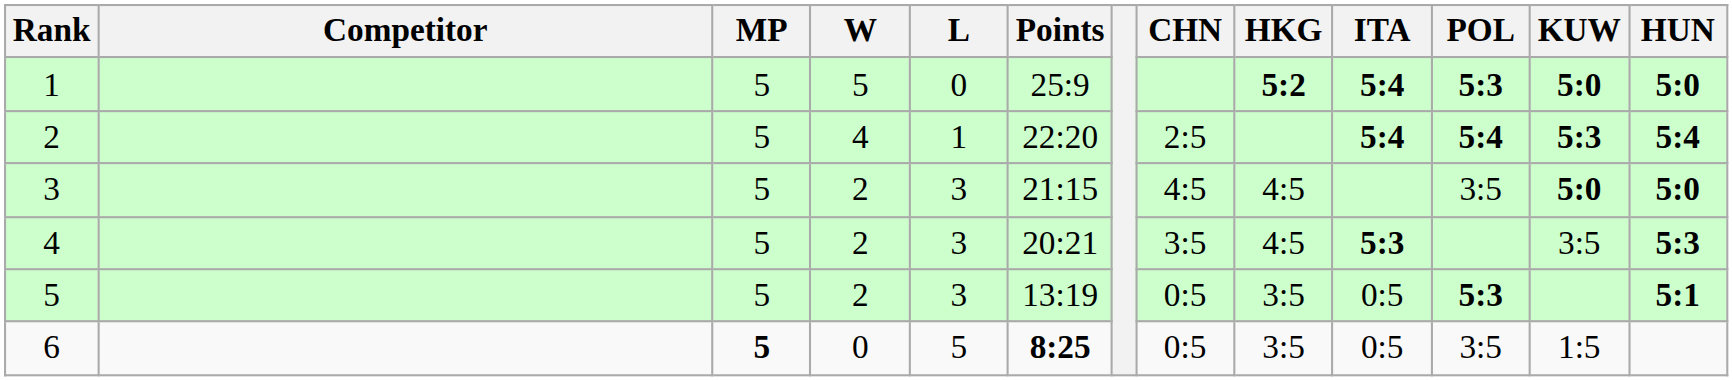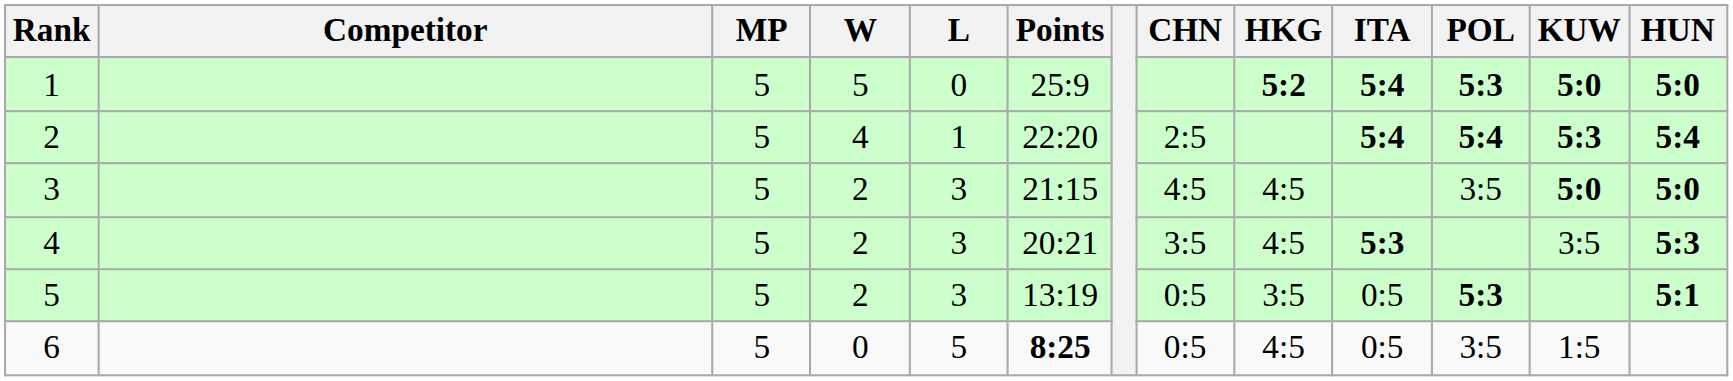 <table class="wikitable" style="text-align:center">
 <tr>
 <th>Rank</th>
 <th style="width:18em">Competitor</th>
 <th style="width:2.5em">MP</th>
 <th style="width:2.5em">W</th>
 <th style="width:2.5em">L</th>
 <th>Points</th>
 <th rowspan="7"> </th>
 <th style="width:2.5em">CHN</th>
 <th style="width:2.5em">HKG</th>
 <th style="width:2.5em">ITA</th>
 <th style="width:2.5em">POL</th>
 <th style="width:2.5em">KUW</th>
 <th style="width:2.5em">HUN</th>
 </tr>
 <tr style="background:#cfc;">
 <td>1</td>
 <td style="text-align:left"></td>
 <td>5</td>
 <td>5</td>
 <td>0</td>
 <td>25:9</td>
 <td></td>
 <td><strong>5:2</strong></td>
 <td><strong>5:4</strong></td>
 <td><strong>5:3</strong></td>
 <td><strong>5:0</strong></td>
 <td><strong>5:0</strong></td>
 </tr>
 <tr style="background:#cfc;">
 <td>2</td>
 <td style="text-align:left"></td>
 <td>5</td>
 <td>4</td>
 <td>1</td>
 <td>22:20</td>
 <td>2:5</td>
 <td></td>
 <td><strong>5:4</strong></td>
 <td><strong>5:4</strong></td>
 <td><strong>5:3</strong></td>
 <td><strong>5:4</strong></td>
 </tr>
 <tr style="background:#cfc;">
 <td>3</td>
 <td style="text-align:left"></td>
 <td>5</td>
 <td>2</td>
 <td>3</td>
 <td>21:15</td>
 <td>4:5</td>
 <td>4:5</td>
 <td></td>
 <td>3:5</td>
 <td><strong>5:0</strong></td>
 <td><strong>5:0</strong></td>
 </tr>
 <tr style="background:#cfc;">
 <td>4</td>
 <td style="text-align:left"></td>
 <td>5</td>
 <td>2</td>
 <td>3</td>
 <td>20:21</td>
 <td>3:5</td>
 <td>4:5</td>
 <td><strong>5:3</strong></td>
 <td></td>
 <td>3:5</td>
 <td><strong>5:3</strong></td>
 </tr>
 <tr style="background:#cfc;">
 <td>5</td>
 <td style="text-align:left"></td>
 <td>5</td>
 <td>2</td>
 <td>3</td>
 <td>13:19</td>
 <td>0:5</td>
 <td>3:5</td>
 <td>0:5</td>
 <td><strong>5:3</strong></td>
 <td></td>
 <td><strong>5:1</strong></td>
 </tr>
 <tr>
 <td>6</td>
 <td style="text-align:left"></td>
-<td><strong>5</strong></td>
+<td>5</td>
 <td>0</td>
 <td>5</td>
 <td><strong>8:25</strong></td>
 <td>0:5</td>
-<td>3:5</td>
+<td>4:5</td>
 <td>0:5</td>
 <td>3:5</td>
 <td>1:5</td>
 <td></td>
 </tr>
 </table>
